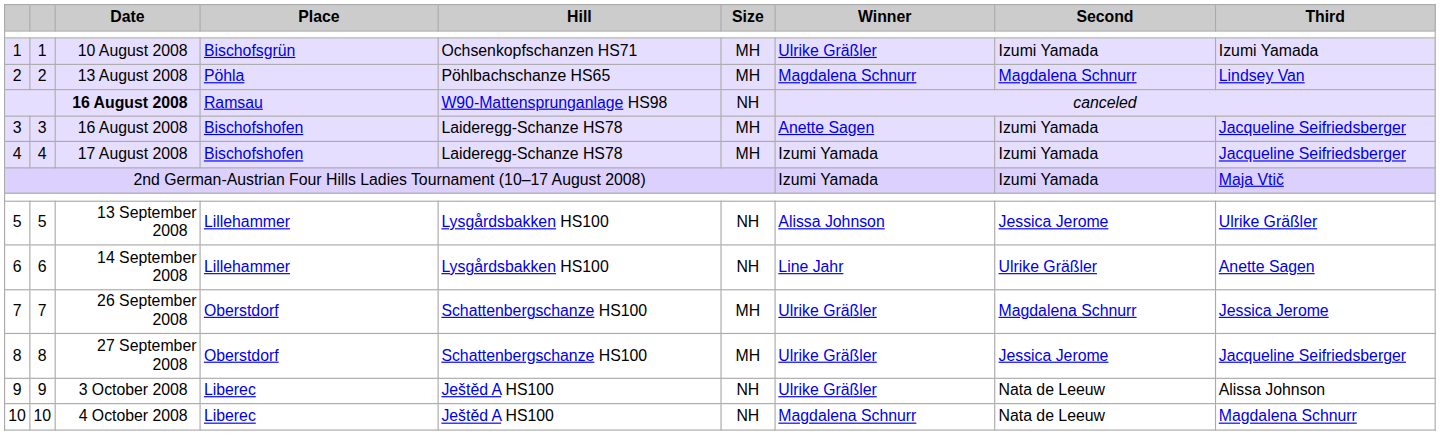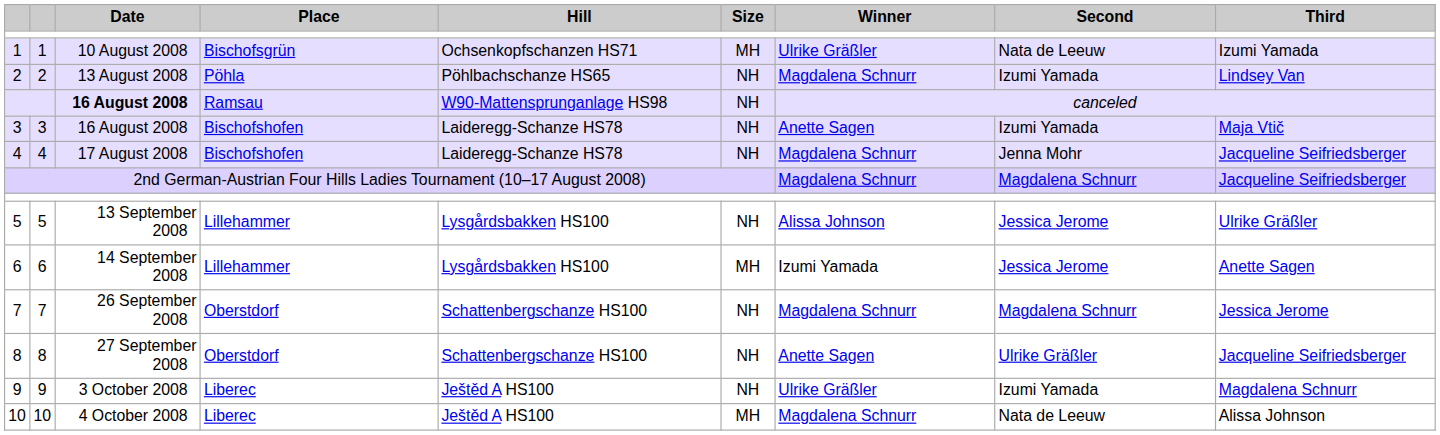 <table class="wikitable plainrowheaders" style="background:#fff; font-size:86%; line-height:16px; border:grey solid 1px; border-collapse:collapse;">
 <tr style="background:#ccc; text-align:center;">
 <th scope="col" style="background:#ccc; width=20 px;"></th>
 <th scope="col" style="background:#ccc; width=30 px;"></th>
 <th scope="col" style="background:#ccc; width:120px;">Date</th>
 <th scope="col" style="background:#ccc; width:200px;">Place</th>
 <th scope="col" style="background:#ccc; width:240px;">Hill</th>
 <th scope="col" style="background:#ccc; width:40px;">Size</th>
 <th scope="col" style="background:#ccc; width:185px;">Winner</th>
 <th scope="col" style="background:#ccc; width:185px;">Second</th>
 <th scope="col" style="background:#ccc; width:185px;">Third</th>
 </tr>
 <tr>
 <td colspan=9></td>
 </tr>
 <tr bgcolor=e6deff>
 <td align=center>1</td>
 <td align=center>1</td>
 <td align=right>10 August 2008  </td>
 <td> <a href='#'>Bischofsgrün</a></td>
 <td>Ochsenkopfschanzen HS71</td>
 <td align=center>MH</td>
 <td> <a href='#'>Ulrike Gräßler</a></td>
-<td> Izumi Yamada</td>
+<td> Nata de Leeuw</td>
 <td> Izumi Yamada</td>
 </tr>
 <tr bgcolor=e6deff>
 <td align=center>2</td>
 <td align=center>2</td>
 <td align=right>13 August 2008  </td>
 <td> <a href='#'>Pöhla</a></td>
 <td>Pöhlbachschanze HS65</td>
-<td align=center>MH</td>
+<td align=center>NH</td>
 <td> <a href='#'>Magdalena Schnurr</a></td>
-<td> <a href='#'>Magdalena Schnurr</a></td>
+<td> Izumi Yamada</td>
 <td> <a href='#'>Lindsey Van</a></td>
 </tr>
 <tr bgcolor=e6deff>
 <td colspan=2></td>
 <td align=right><strong>16 August 2008  </strong></td>
 <td> <a href='#'>Ramsau</a></td>
 <td><a href='#'>W90-Mattensprunganlage</a> HS98</td>
 <td align=center>NH</td>
 <td align=center colspan=3><em>canceled</em></td>
 </tr>
 <tr bgcolor=e6deff>
 <td align=center>3</td>
 <td align=center>3</td>
 <td align=right>16 August 2008  </td>
 <td> <a href='#'>Bischofshofen</a></td>
 <td>Laideregg-Schanze HS78</td>
-<td align=center>MH</td>
+<td align=center>NH</td>
 <td> <a href='#'>Anette Sagen</a></td>
 <td> Izumi Yamada</td>
-<td> <a href='#'>Jacqueline Seifriedsberger</a></td>
+<td> <a href='#'>Maja Vtič</a></td>
 </tr>
 <tr bgcolor=e6deff>
 <td align=center>4</td>
 <td align=center>4</td>
 <td align=right>17 August 2008  </td>
 <td> <a href='#'>Bischofshofen</a></td>
 <td>Laideregg-Schanze HS78</td>
-<td align=center>MH</td>
-<td> Izumi Yamada</td>
-<td> Izumi Yamada</td>
+<td align=center>NH</td>
+<td> <a href='#'>Magdalena Schnurr</a></td>
+<td> Jenna Mohr</td>
 <td> <a href='#'>Jacqueline Seifriedsberger</a></td>
 </tr>
 <tr bgcolor=DCD0FF>
 <td colspan=6 align=center>2nd German-Austrian Four Hills Ladies Tournament (10–17 August 2008)</td>
-<td> Izumi Yamada</td>
-<td> Izumi Yamada</td>
-<td> <a href='#'>Maja Vtič</a></td>
+<td> <a href='#'>Magdalena Schnurr</a></td>
+<td> <a href='#'>Magdalena Schnurr</a></td>
+<td> <a href='#'>Jacqueline Seifriedsberger</a></td>
 </tr>
 <tr>
 <td colspan=9></td>
 </tr>
 <tr>
 <td align=center>5</td>
 <td align=center>5</td>
 <td align=right>13 September 2008  </td>
 <td> <a href='#'>Lillehammer</a></td>
 <td><a href='#'>Lysgårdsbakken</a> HS100</td>
 <td align=center>NH</td>
 <td> <a href='#'>Alissa Johnson</a></td>
 <td> <a href='#'>Jessica Jerome</a></td>
 <td> <a href='#'>Ulrike Gräßler</a></td>
 </tr>
 <tr>
 <td align=center>6</td>
 <td align=center>6</td>
 <td align=right>14 September 2008  </td>
 <td> <a href='#'>Lillehammer</a></td>
 <td><a href='#'>Lysgårdsbakken</a> HS100</td>
-<td align=center>NH</td>
-<td> <a href='#'>Line Jahr</a></td>
-<td> <a href='#'>Ulrike Gräßler</a></td>
+<td align=center>MH</td>
+<td> Izumi Yamada</td>
+<td> <a href='#'>Jessica Jerome</a></td>
 <td> <a href='#'>Anette Sagen</a></td>
 </tr>
 <tr>
 <td align=center>7</td>
 <td align=center>7</td>
 <td align=right>26 September 2008  </td>
 <td> <a href='#'>Oberstdorf</a></td>
 <td><a href='#'>Schattenbergschanze</a> HS100</td>
-<td align=center>MH</td>
-<td> <a href='#'>Ulrike Gräßler</a></td>
+<td align=center>NH</td>
+<td> <a href='#'>Magdalena Schnurr</a></td>
 <td> <a href='#'>Magdalena Schnurr</a></td>
 <td> <a href='#'>Jessica Jerome</a></td>
 </tr>
 <tr>
 <td align=center>8</td>
 <td align=center>8</td>
 <td align=right>27 September 2008  </td>
 <td> <a href='#'>Oberstdorf</a></td>
 <td><a href='#'>Schattenbergschanze</a> HS100</td>
-<td align=center>MH</td>
+<td align=center>NH</td>
+<td> <a href='#'>Anette Sagen</a></td>
 <td> <a href='#'>Ulrike Gräßler</a></td>
-<td> <a href='#'>Jessica Jerome</a></td>
 <td> <a href='#'>Jacqueline Seifriedsberger</a></td>
 </tr>
 <tr>
 <td align=center>9</td>
 <td align=center>9</td>
 <td align=right>3 October 2008  </td>
 <td> <a href='#'>Liberec</a></td>
 <td><a href='#'>Ještěd A</a> HS100</td>
 <td align=center>NH</td>
 <td> <a href='#'>Ulrike Gräßler</a></td>
-<td> Nata de Leeuw</td>
-<td> Alissa Johnson</td>
+<td> Izumi Yamada</td>
+<td> <a href='#'>Magdalena Schnurr</a></td>
 </tr>
 <tr>
 <td align=center>10</td>
 <td align=center>10</td>
 <td align=right>4 October 2008  </td>
 <td> <a href='#'>Liberec</a></td>
 <td><a href='#'>Ještěd A</a> HS100</td>
-<td align=center>NH</td>
+<td align=center>MH</td>
 <td> <a href='#'>Magdalena Schnurr</a></td>
 <td> Nata de Leeuw</td>
-<td> <a href='#'>Magdalena Schnurr</a></td>
+<td> Alissa Johnson</td>
 </tr>
 </table>
